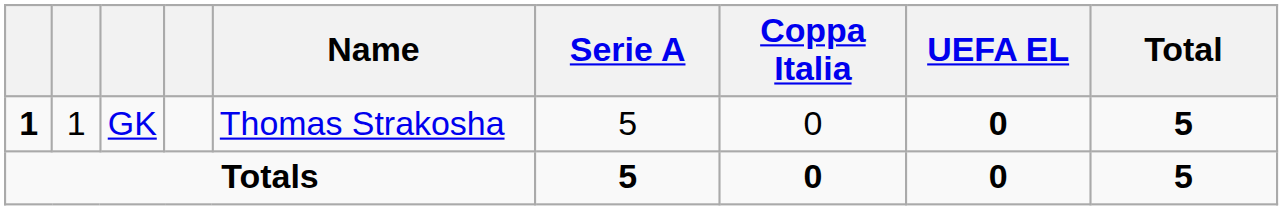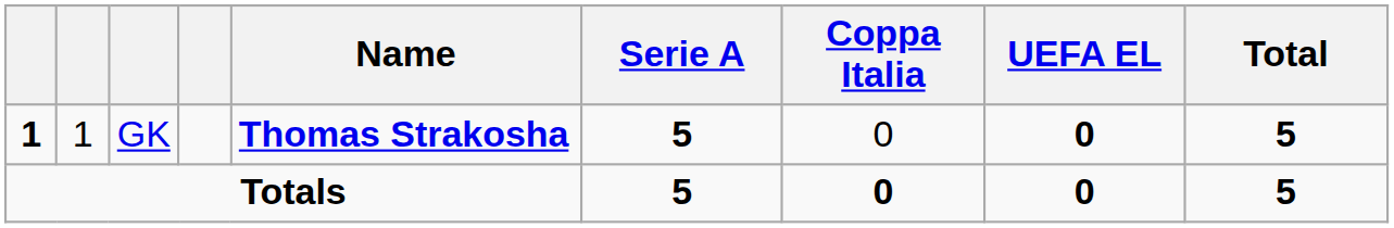 <table class="wikitable" style="text-align:center">
 <tr>
 <th width=15></th>
 <th width=15></th>
 <th width=15></th>
 <th width=15></th>
 <th width=145>Name</th>
 <th width=80><a href='#'>Serie A</a></th>
 <th width=80><a href='#'>Coppa Italia</a></th>
 <th width=80><a href='#'>UEFA EL</a></th>
 <th width=80>Total</th>
 </tr>
 <tr>
 <td><strong>1</strong></td>
 <td>1</td>
 <td><a href='#'>GK</a></td>
 <td></td>
-<td align=left><a href='#'>Thomas Strakosha</a></td>
-<td>5</td>
+<td align=left><strong><a href='#'>Thomas Strakosha</a></strong></td>
+<td><strong>5</strong></td>
 <td>0</td>
 <td><strong>0</strong></td>
 <td><strong>5</strong></td>
 </tr>
 <tr>
 <td colspan=5><strong>Totals</strong></td>
 <td><strong>5</strong></td>
 <td><strong>0</strong></td>
 <td><strong>0</strong></td>
 <td><strong>5</strong></td>
 </tr>
 </table>
